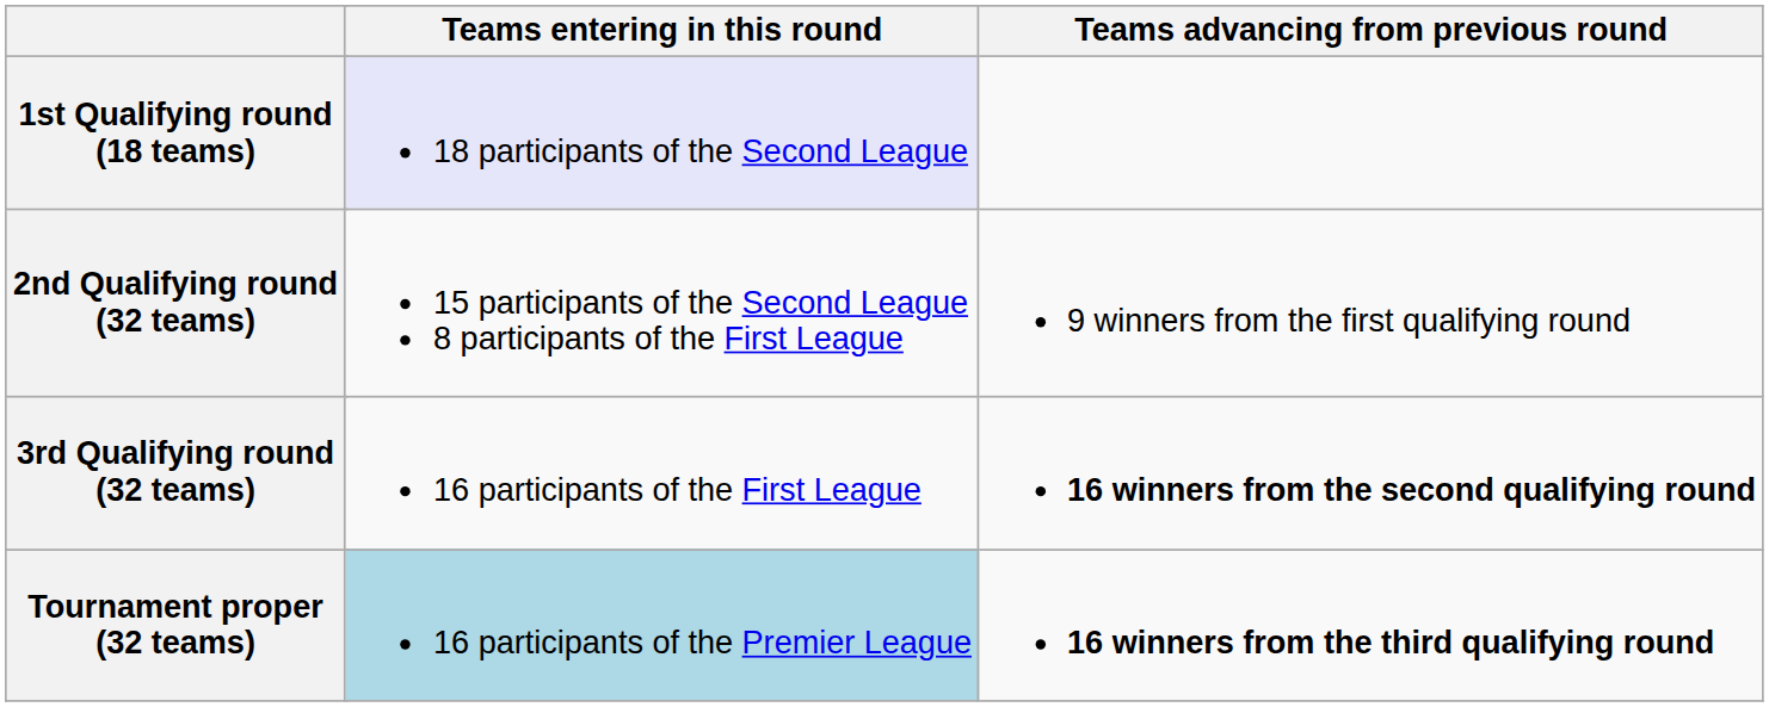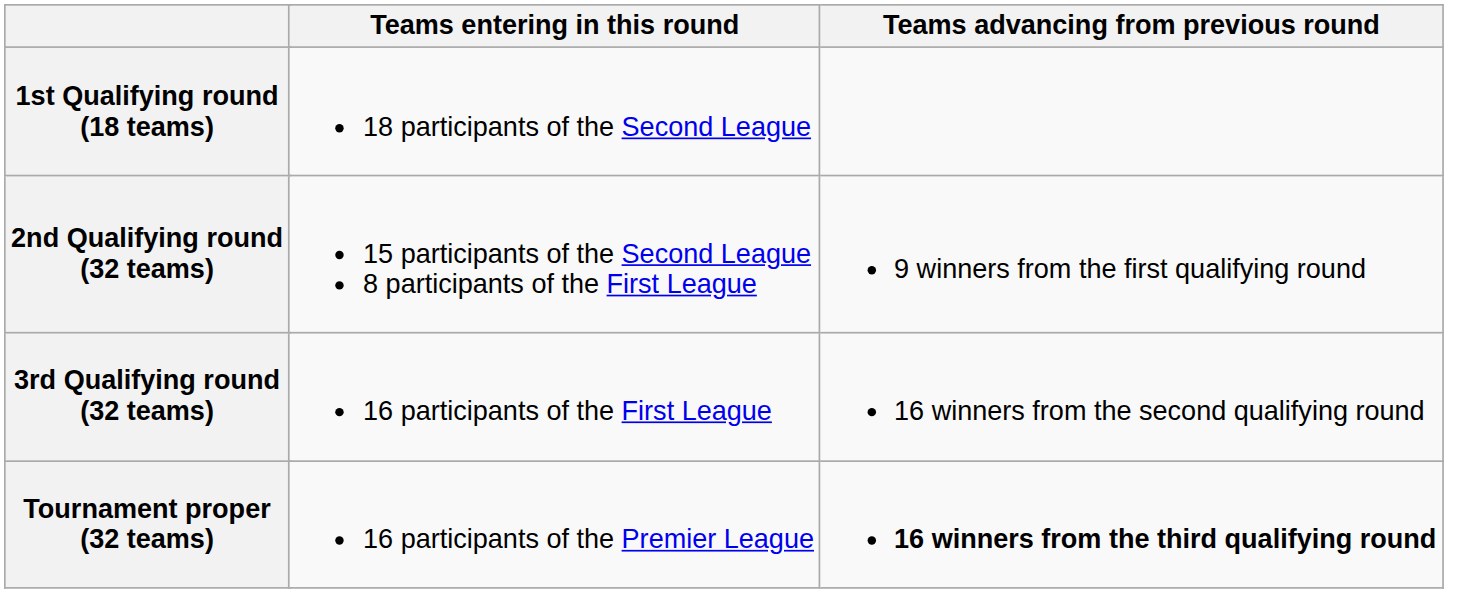 <table class="wikitable">
 <tr>
 <th colspan=2></th>
 <th>Teams entering in this round</th>
 <th>Teams advancing from previous round</th>
 </tr>
 <tr>
 <th colspan=2>1st Qualifying round<br> (18 teams)</th>
-<td style="background: lavender;"><br><ul><li>18 participants of the <a href='#'>Second League</a></li></ul></td>
+<td><br><ul><li>18 participants of the <a href='#'>Second League</a></li></ul></td>
 <td></td>
 </tr>
 <tr>
 <th colspan=2>2nd Qualifying round<br> (32 teams)</th>
 <td><br><ul><li>15 participants of the <a href='#'>Second League</a></li><li>8 participants of the <a href='#'>First League</a></li></ul></td>
 <td><br><ul><li>9 winners from the first qualifying round</li></ul></td>
 </tr>
 <tr>
 <th colspan=2>3rd Qualifying round<br> (32 teams)</th>
 <td><br><ul><li>16 participants of the <a href='#'>First League</a></li></ul></td>
-<td><strong><br><ul><li>16 winners from the second qualifying round</li></ul></strong></td>
+<td><br><ul><li>16 winners from the second qualifying round</li></ul></td>
 </tr>
 <tr>
 <th colspan=2>Tournament proper<br> (32 teams)</th>
-<td style="background: lightblue;"><br><ul><li>16 participants of the <a href='#'>Premier League</a></li></ul></td>
+<td><br><ul><li>16 participants of the <a href='#'>Premier League</a></li></ul></td>
 <td><strong><br><ul><li>16 winners from the third qualifying round</li></ul></strong></td>
 </tr>
 </table>
